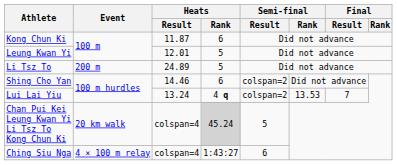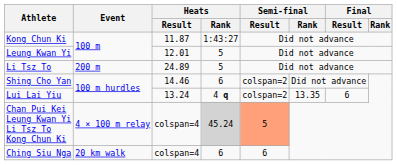 <table class=wikitable style="text-align: center; font-size:90%">
 <tr>
 <th rowspan=2>Athlete</th>
 <th rowspan=2>Event</th>
 <th colspan="2">Heats</th>
 <th colspan="2">Semi-final</th>
 <th colspan="2">Final</th>
 </tr>
 <tr>
 <th>Result</th>
 <th>Rank</th>
 <th>Result</th>
 <th>Rank</th>
 <th>Result</th>
 <th>Rank</th>
 </tr>
 <tr>
 <td align=left><a href='#'>Kong Chun Ki</a></td>
 <td align=left rowspan=2><a href='#'>100 m</a></td>
 <td>11.87</td>
-<td>6</td>
+<td>1:43:27</td>
 <td colspan=4>Did not advance</td>
 </tr>
 <tr>
 <td align=left><a href='#'>Leung Kwan Yi</a></td>
 <td>12.01</td>
 <td>5</td>
 <td colspan=4>Did not advance</td>
 </tr>
 <tr>
 <td align=left><a href='#'>Li Tsz To</a></td>
 <td align=left><a href='#'>200 m</a></td>
 <td>24.89</td>
 <td>5</td>
 <td colspan=4>Did not advance</td>
 </tr>
 <tr>
 <td align=left><a href='#'>Shing Cho Yan</a></td>
 <td align=left rowspan=2><a href='#'>100 m hurdles</a></td>
 <td>14.46</td>
 <td>6</td>
 <td>colspan=2 </td>
 <td colspan=2>Did not advance</td>
 </tr>
 <tr>
 <td align=left><a href='#'>Lui Lai Yiu</a></td>
 <td>13.24</td>
 <td>4 <strong>q</strong></td>
 <td>colspan=2 </td>
-<td>13.53</td>
-<td>7</td>
+<td>13.35</td>
+<td>6</td>
 </tr>
 <tr>
 <td align=left><a href='#'>Chan Pui Kei</a><br><a href='#'>Leung Kwan Yi</a><br><a href='#'>Li Tsz To</a><br><a href='#'>Kong Chun Ki</a></td>
-<td align=left><a href='#'>20 km walk</a></td>
+<td align=left><a href='#'>4 × 100 m relay</a></td>
 <td>colspan=4 </td>
 <td style="background: lightgrey;">45.24</td>
-<td>5</td>
+<td style="background: lightsalmon;">5</td>
 </tr>
 <tr>
 <td align=left><a href='#'>Ching Siu Nga</a></td>
-<td align=left><a href='#'>4 × 100 m relay</a></td>
+<td align=left><a href='#'>20 km walk</a></td>
 <td>colspan=4 </td>
-<td>1:43:27</td>
+<td>6</td>
 <td>6</td>
 </tr>
 </table>
